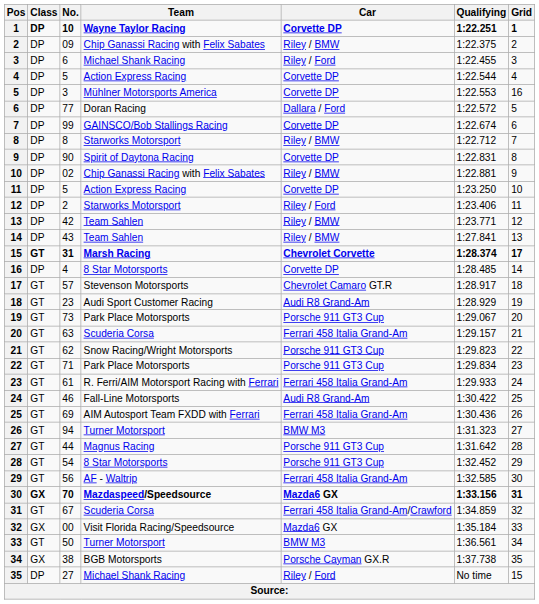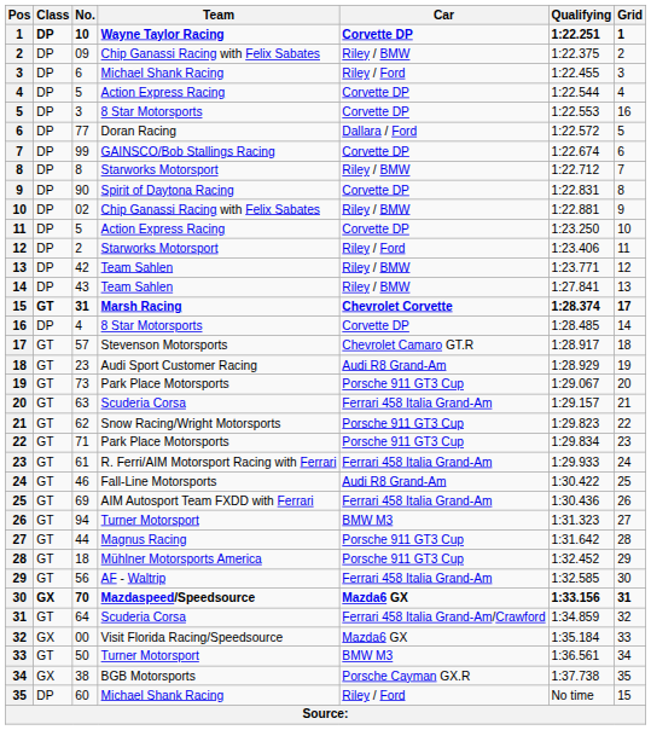 <table class="wikitable" style="font-size: 85%;">
 <tr>
 <th>Pos</th>
 <th>Class</th>
 <th>No.</th>
 <th>Team</th>
 <th>Car</th>
 <th>Qualifying</th>
 <th>Grid</th>
 </tr>
 <tr>
 <th>1</th>
 <td><strong>DP</strong></td>
 <td><strong>10</strong></td>
 <td><strong><a href='#'>Wayne Taylor Racing</a></strong></td>
 <td><a href='#'><strong>Corvette DP</strong></a></td>
 <td><strong>1:22.251</strong></td>
 <td><strong>1</strong></td>
 </tr>
 <tr>
 <th>2</th>
 <td>DP</td>
 <td>09</td>
 <td><a href='#'>Chip Ganassi Racing</a> with <a href='#'>Felix Sabates</a></td>
 <td><a href='#'>Riley</a> / <a href='#'>BMW</a></td>
 <td>1:22.375</td>
 <td>2</td>
 </tr>
 <tr>
 <th>3</th>
 <td>DP</td>
 <td>6</td>
 <td><a href='#'>Michael Shank Racing</a></td>
 <td><a href='#'>Riley</a> / <a href='#'>Ford</a></td>
 <td>1:22.455</td>
 <td>3</td>
 </tr>
 <tr>
 <th>4</th>
 <td>DP</td>
 <td>5</td>
 <td><a href='#'>Action Express Racing</a></td>
 <td><a href='#'>Corvette DP</a></td>
 <td>1:22.544</td>
 <td>4</td>
 </tr>
 <tr>
 <th>5</th>
 <td>DP</td>
 <td>3</td>
-<td><a href='#'>Mühlner Motorsports America</a></td>
+<td><a href='#'>8 Star Motorsports</a></td>
 <td><a href='#'>Corvette DP</a></td>
 <td>1:22.553</td>
 <td>16</td>
 </tr>
 <tr>
 <th>6</th>
 <td>DP</td>
 <td>77</td>
 <td>Doran Racing</td>
 <td><a href='#'>Dallara</a> / <a href='#'>Ford</a></td>
 <td>1:22.572</td>
 <td>5</td>
 </tr>
 <tr>
 <th>7</th>
 <td>DP</td>
 <td>99</td>
 <td><a href='#'>GAINSCO/Bob Stallings Racing</a></td>
 <td><a href='#'>Corvette DP</a></td>
 <td>1:22.674</td>
 <td>6</td>
 </tr>
 <tr>
 <th>8</th>
 <td>DP</td>
 <td>8</td>
 <td><a href='#'>Starworks Motorsport</a></td>
 <td><a href='#'>Riley</a> / <a href='#'>BMW</a></td>
 <td>1:22.712</td>
 <td>7</td>
 </tr>
 <tr>
 <th>9</th>
 <td>DP</td>
 <td>90</td>
 <td><a href='#'>Spirit of Daytona Racing</a></td>
 <td><a href='#'>Corvette DP</a></td>
 <td>1:22.831</td>
 <td>8</td>
 </tr>
 <tr>
 <th>10</th>
 <td>DP</td>
 <td>02</td>
 <td><a href='#'>Chip Ganassi Racing</a> with <a href='#'>Felix Sabates</a></td>
 <td><a href='#'>Riley</a> / <a href='#'>BMW</a></td>
 <td>1:22.881</td>
 <td>9</td>
 </tr>
 <tr>
 <th>11</th>
 <td>DP</td>
 <td>5</td>
 <td><a href='#'>Action Express Racing</a></td>
 <td><a href='#'>Corvette DP</a></td>
 <td>1:23.250</td>
 <td>10</td>
 </tr>
 <tr>
 <th>12</th>
 <td>DP</td>
 <td>2</td>
 <td><a href='#'>Starworks Motorsport</a></td>
 <td><a href='#'>Riley</a> / <a href='#'>Ford</a></td>
 <td>1:23.406</td>
 <td>11</td>
 </tr>
 <tr>
 <th>13</th>
 <td>DP</td>
 <td>42</td>
 <td><a href='#'>Team Sahlen</a></td>
 <td><a href='#'>Riley</a> / <a href='#'>BMW</a></td>
 <td>1:23.771</td>
 <td>12</td>
 </tr>
 <tr>
 <th>14</th>
 <td>DP</td>
 <td>43</td>
 <td><a href='#'>Team Sahlen</a></td>
 <td><a href='#'>Riley</a> / <a href='#'>BMW</a></td>
 <td>1:27.841</td>
 <td>13</td>
 </tr>
 <tr>
 <th>15</th>
 <td><strong>GT</strong></td>
 <td><strong>31</strong></td>
 <td><strong><a href='#'>Marsh Racing</a></strong></td>
 <td><a href='#'><strong>Chevrolet Corvette</strong></a></td>
 <td><strong>1:28.374</strong></td>
 <td><strong>17</strong></td>
 </tr>
 <tr>
 <th>16</th>
 <td>DP</td>
 <td>4</td>
 <td><a href='#'>8 Star Motorsports</a></td>
 <td><a href='#'>Corvette DP</a></td>
 <td>1:28.485</td>
 <td>14</td>
 </tr>
 <tr>
 <th>17</th>
 <td>GT</td>
 <td>57</td>
 <td>Stevenson Motorsports</td>
 <td><a href='#'>Chevrolet Camaro</a> GT.R</td>
 <td>1:28.917</td>
 <td>18</td>
 </tr>
 <tr>
 <th>18</th>
 <td>GT</td>
 <td>23</td>
 <td>Audi Sport Customer Racing</td>
 <td><a href='#'>Audi R8 Grand-Am</a></td>
 <td>1:28.929</td>
 <td>19</td>
 </tr>
 <tr>
 <th>19</th>
 <td>GT</td>
 <td>73</td>
 <td>Park Place Motorsports</td>
 <td><a href='#'>Porsche 911 GT3 Cup</a></td>
 <td>1:29.067</td>
 <td>20</td>
 </tr>
 <tr>
 <th>20</th>
 <td>GT</td>
 <td>63</td>
 <td><a href='#'>Scuderia Corsa</a></td>
 <td><a href='#'>Ferrari 458 Italia Grand-Am</a></td>
 <td>1:29.157</td>
 <td>21</td>
 </tr>
 <tr>
 <th>21</th>
 <td>GT</td>
 <td>62</td>
 <td>Snow Racing/Wright Motorsports</td>
 <td><a href='#'>Porsche 911 GT3 Cup</a></td>
 <td>1:29.823</td>
 <td>22</td>
 </tr>
 <tr>
 <th>22</th>
 <td>GT</td>
 <td>71</td>
 <td>Park Place Motorsports</td>
 <td><a href='#'>Porsche 911 GT3 Cup</a></td>
 <td>1:29.834</td>
 <td>23</td>
 </tr>
 <tr>
 <th>23</th>
 <td>GT</td>
 <td>61</td>
 <td>R. Ferri/AIM Motorsport Racing with <a href='#'>Ferrari</a></td>
 <td><a href='#'>Ferrari 458 Italia Grand-Am</a></td>
 <td>1:29.933</td>
 <td>24</td>
 </tr>
 <tr>
 <th>24</th>
 <td>GT</td>
 <td>46</td>
 <td>Fall-Line Motorsports</td>
 <td><a href='#'>Audi R8 Grand-Am</a></td>
 <td>1:30.422</td>
 <td>25</td>
 </tr>
 <tr>
 <th>25</th>
 <td>GT</td>
 <td>69</td>
 <td>AIM Autosport Team FXDD with <a href='#'>Ferrari</a></td>
 <td><a href='#'>Ferrari 458 Italia Grand-Am</a></td>
 <td>1:30.436</td>
 <td>26</td>
 </tr>
 <tr>
 <th>26</th>
 <td>GT</td>
 <td>94</td>
 <td><a href='#'>Turner Motorsport</a></td>
 <td><a href='#'>BMW M3</a></td>
 <td>1:31.323</td>
 <td>27</td>
 </tr>
 <tr>
 <th>27</th>
 <td>GT</td>
 <td>44</td>
 <td><a href='#'>Magnus Racing</a></td>
 <td><a href='#'>Porsche 911 GT3 Cup</a></td>
 <td>1:31.642</td>
 <td>28</td>
 </tr>
 <tr>
 <th>28</th>
 <td>GT</td>
-<td>54</td>
-<td><a href='#'>8 Star Motorsports</a></td>
+<td>18</td>
+<td><a href='#'>Mühlner Motorsports America</a></td>
 <td><a href='#'>Porsche 911 GT3 Cup</a></td>
 <td>1:32.452</td>
 <td>29</td>
 </tr>
 <tr>
 <th>29</th>
 <td>GT</td>
 <td>56</td>
 <td><a href='#'>AF</a> - <a href='#'>Waltrip</a></td>
 <td><a href='#'>Ferrari 458 Italia Grand-Am</a></td>
 <td>1:32.585</td>
 <td>30</td>
 </tr>
 <tr>
 <th>30</th>
 <td><strong>GX</strong></td>
 <td><strong>70</strong></td>
 <td><strong><a href='#'>Mazdaspeed</a>/Speedsource</strong></td>
 <td><strong><a href='#'>Mazda6</a> GX</strong></td>
 <td><strong>1:33.156</strong></td>
 <td><strong>31</strong></td>
 </tr>
 <tr>
 <th>31</th>
 <td>GT</td>
-<td>67</td>
+<td>64</td>
 <td><a href='#'>Scuderia Corsa</a></td>
 <td><a href='#'>Ferrari 458 Italia Grand-Am</a>/<a href='#'>Crawford</a></td>
 <td>1:34.859</td>
 <td>32</td>
 </tr>
 <tr>
 <th>32</th>
 <td>GX</td>
 <td>00</td>
 <td>Visit Florida Racing/Speedsource</td>
 <td><a href='#'>Mazda6</a> GX</td>
 <td>1:35.184</td>
 <td>33</td>
 </tr>
 <tr>
 <th>33</th>
 <td>GT</td>
 <td>50</td>
 <td><a href='#'>Turner Motorsport</a></td>
 <td><a href='#'>BMW M3</a></td>
 <td>1:36.561</td>
 <td>34</td>
 </tr>
 <tr>
 <th>34</th>
 <td>GX</td>
 <td>38</td>
 <td>BGB Motorsports</td>
 <td><a href='#'>Porsche Cayman</a> GX.R</td>
 <td>1:37.738</td>
 <td>35</td>
 </tr>
 <tr>
 <th>35</th>
 <td>DP</td>
-<td>27</td>
+<td>60</td>
 <td><a href='#'>Michael Shank Racing</a></td>
 <td><a href='#'>Riley</a> / <a href='#'>Ford</a></td>
 <td>No time</td>
 <td>15</td>
 </tr>
 <tr>
 <th colspan="7">Source:</th>
 </tr>
 </table>
